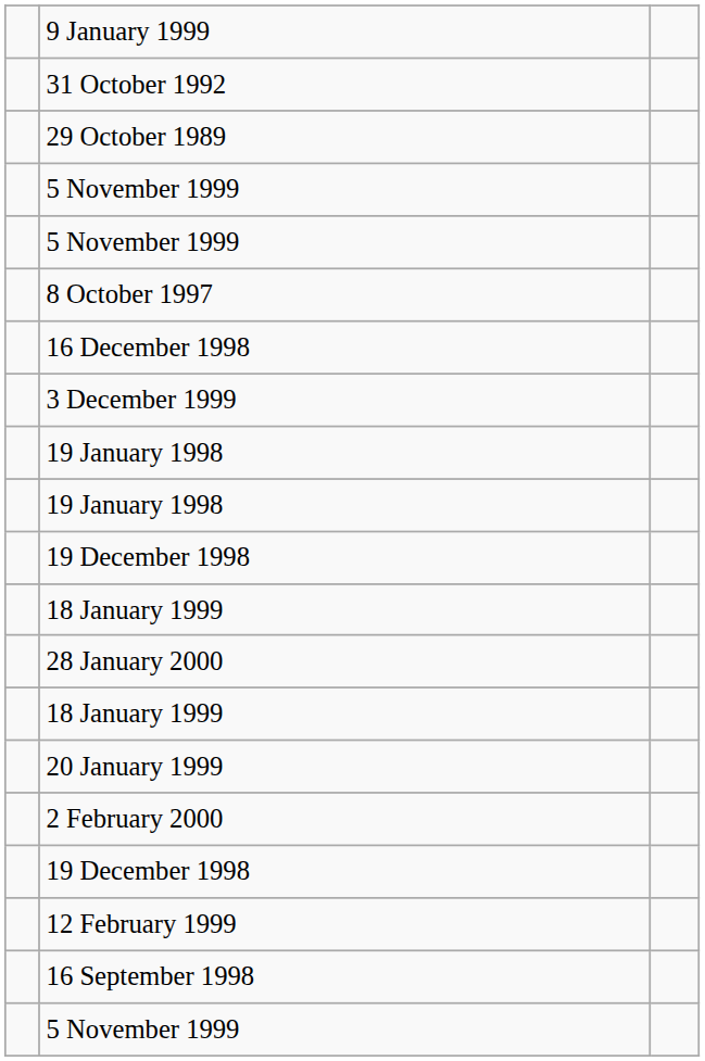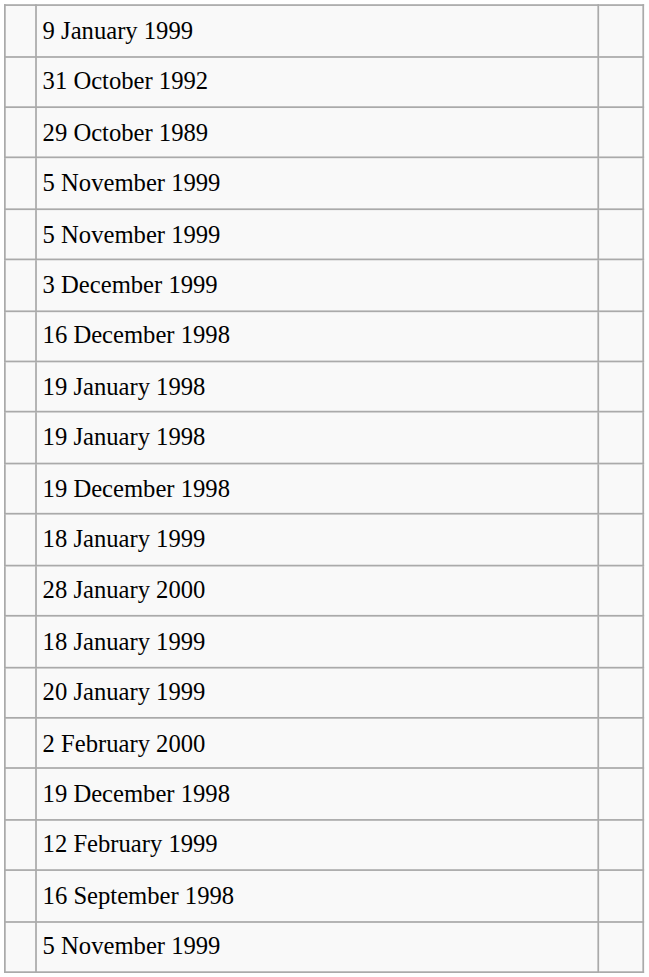 <table class="wikitable" style="font-size: 89%; float: left; width: 26em; margin-right: 1em; height: 560px;">
 <tr>
 <td></td>
 <td>9 January 1999</td>
 <td></td>
 </tr>
 <tr>
 <td></td>
 <td>31 October 1992</td>
 <td></td>
 </tr>
 <tr>
 <td></td>
 <td>29 October 1989</td>
 <td> </td>
 </tr>
 <tr>
 <td></td>
 <td>5 November 1999</td>
 <td></td>
 </tr>
 <tr>
 <td></td>
 <td>5 November 1999</td>
 <td></td>
 </tr>
 <tr>
 <td></td>
-<td>8 October 1997</td>
+<td>3 December 1999</td>
 <td></td>
 </tr>
 <tr>
 <td></td>
 <td>16 December 1998</td>
-<td></td>
-</tr>
-<tr>
-<td></td>
-<td>3 December 1999</td>
 <td></td>
 </tr>
 <tr>
 <td></td>
 <td>19 January 1998</td>
 <td></td>
 </tr>
 <tr>
 <td></td>
 <td>19 January 1998</td>
 <td></td>
 </tr>
 <tr>
 <td></td>
 <td>19 December 1998</td>
 <td></td>
 </tr>
 <tr>
 <td></td>
 <td>18 January 1999</td>
 <td></td>
 </tr>
 <tr>
 <td></td>
 <td>28 January 2000</td>
 <td></td>
 </tr>
 <tr>
 <td></td>
 <td>18 January 1999</td>
 <td></td>
 </tr>
 <tr>
 <td></td>
 <td>20 January 1999</td>
 <td></td>
 </tr>
 <tr>
 <td></td>
 <td>2 February 2000</td>
 <td></td>
 </tr>
 <tr>
 <td></td>
 <td>19 December 1998</td>
 <td></td>
 </tr>
 <tr>
 <td></td>
 <td>12 February 1999</td>
 <td></td>
 </tr>
 <tr>
 <td></td>
 <td>16 September 1998</td>
 <td></td>
 </tr>
 <tr>
 <td></td>
 <td>5 November 1999</td>
 <td></td>
 </tr>
 </table>
